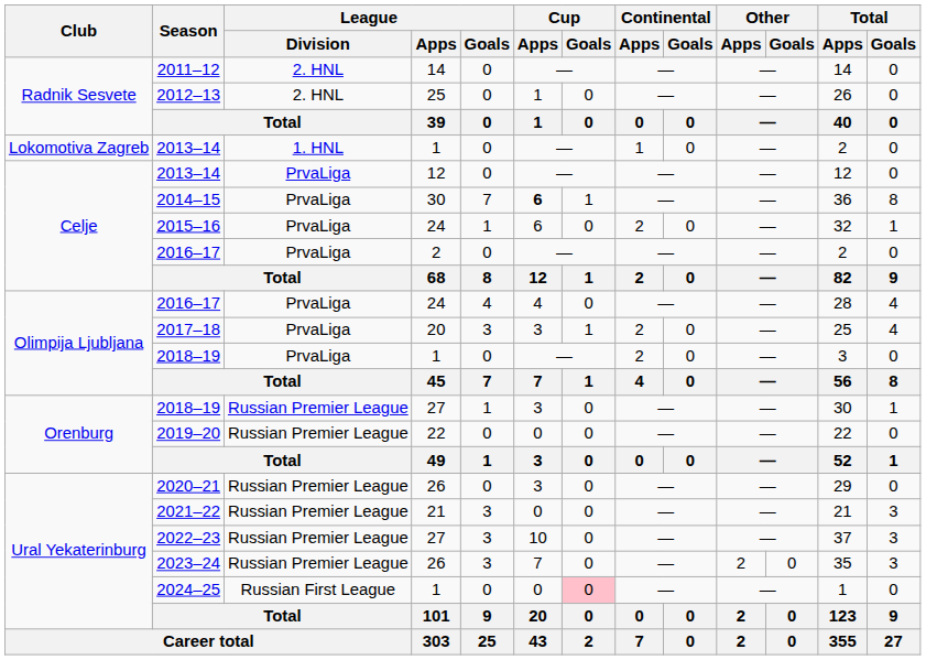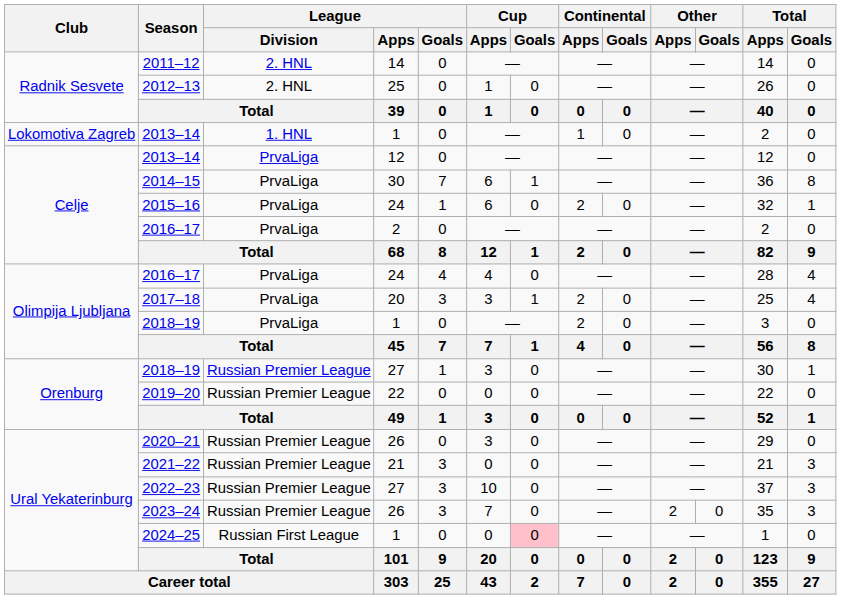 <table class="wikitable" style="text-align: center;">
 <tr>
 <th rowspan=2>Club</th>
 <th rowspan=2>Season</th>
 <th colspan=3>League</th>
 <th colspan=2>Cup</th>
 <th colspan=2>Continental</th>
 <th colspan=2>Other</th>
 <th colspan=2>Total</th>
 </tr>
 <tr>
 <th>Division</th>
 <th>Apps</th>
 <th>Goals</th>
 <th>Apps</th>
 <th>Goals</th>
 <th>Apps</th>
 <th>Goals</th>
 <th>Apps</th>
 <th>Goals</th>
 <th>Apps</th>
 <th>Goals</th>
 </tr>
 <tr>
 <td rowspan="3"><a href='#'>Radnik Sesvete</a></td>
 <td><a href='#'>2011–12</a></td>
 <td><a href='#'>2. HNL</a></td>
 <td>14</td>
 <td>0</td>
 <td colspan="2">—</td>
 <td colspan="2">—</td>
 <td colspan="2">—</td>
 <td>14</td>
 <td>0</td>
 </tr>
 <tr>
 <td><a href='#'>2012–13</a></td>
 <td>2. HNL</td>
 <td>25</td>
 <td>0</td>
 <td>1</td>
 <td>0</td>
 <td colspan="2">—</td>
 <td colspan="2">—</td>
 <td>26</td>
 <td>0</td>
 </tr>
 <tr>
 <th colspan=2>Total</th>
 <th>39</th>
 <th>0</th>
 <th>1</th>
 <th>0</th>
 <th>0</th>
 <th>0</th>
 <th colspan=2>—</th>
 <th>40</th>
 <th>0</th>
 </tr>
 <tr>
 <td><a href='#'>Lokomotiva Zagreb</a></td>
 <td><a href='#'>2013–14</a></td>
 <td><a href='#'>1. HNL</a></td>
 <td>1</td>
 <td>0</td>
 <td colspan="2">—</td>
 <td>1</td>
 <td>0</td>
 <td colspan=2>—</td>
 <td>2</td>
 <td>0</td>
 </tr>
 <tr>
 <td rowspan="5"><a href='#'>Celje</a></td>
 <td><a href='#'>2013–14</a></td>
 <td><a href='#'>PrvaLiga</a></td>
 <td>12</td>
 <td>0</td>
 <td colspan="2">—</td>
 <td colspan="2">—</td>
 <td colspan="2">—</td>
 <td>12</td>
 <td>0</td>
 </tr>
 <tr>
 <td><a href='#'>2014–15</a></td>
 <td>PrvaLiga</td>
 <td>30</td>
 <td>7</td>
-<td><strong>6</strong></td>
+<td>6</td>
 <td>1</td>
 <td colspan="2">—</td>
 <td colspan="2">—</td>
 <td>36</td>
 <td>8</td>
 </tr>
 <tr>
 <td><a href='#'>2015–16</a></td>
 <td>PrvaLiga</td>
 <td>24</td>
 <td>1</td>
 <td>6</td>
 <td>0</td>
 <td>2</td>
 <td>0</td>
 <td colspan="2">—</td>
 <td>32</td>
 <td>1</td>
 </tr>
 <tr>
 <td><a href='#'>2016–17</a></td>
 <td>PrvaLiga</td>
 <td>2</td>
 <td>0</td>
 <td colspan="2">—</td>
 <td colspan="2">—</td>
 <td colspan="2">—</td>
 <td>2</td>
 <td>0</td>
 </tr>
 <tr>
 <th colspan=2>Total</th>
 <th>68</th>
 <th>8</th>
 <th>12</th>
 <th>1</th>
 <th>2</th>
 <th>0</th>
 <th colspan=2>—</th>
 <th>82</th>
 <th>9</th>
 </tr>
 <tr>
 <td rowspan="4"><a href='#'>Olimpija Ljubljana</a></td>
 <td><a href='#'>2016–17</a></td>
 <td>PrvaLiga</td>
 <td>24</td>
 <td>4</td>
 <td>4</td>
 <td>0</td>
 <td colspan="2">—</td>
 <td colspan="2">—</td>
 <td>28</td>
 <td>4</td>
 </tr>
 <tr>
 <td><a href='#'>2017–18</a></td>
 <td>PrvaLiga</td>
 <td>20</td>
 <td>3</td>
 <td>3</td>
 <td>1</td>
 <td>2</td>
 <td>0</td>
 <td colspan="2">—</td>
 <td>25</td>
 <td>4</td>
 </tr>
 <tr>
 <td><a href='#'>2018–19</a></td>
 <td>PrvaLiga</td>
 <td>1</td>
 <td>0</td>
 <td colspan="2">—</td>
 <td>2</td>
 <td>0</td>
 <td colspan="2">—</td>
 <td>3</td>
 <td>0</td>
 </tr>
 <tr>
 <th colspan=2>Total</th>
 <th>45</th>
 <th>7</th>
 <th>7</th>
 <th>1</th>
 <th>4</th>
 <th>0</th>
 <th colspan=2>—</th>
 <th>56</th>
 <th>8</th>
 </tr>
 <tr>
 <td rowspan="3"><a href='#'>Orenburg</a></td>
 <td><a href='#'>2018–19</a></td>
 <td><a href='#'>Russian Premier League</a></td>
 <td>27</td>
 <td>1</td>
 <td>3</td>
 <td>0</td>
 <td colspan="2">—</td>
 <td colspan="2">—</td>
 <td>30</td>
 <td>1</td>
 </tr>
 <tr>
 <td><a href='#'>2019–20</a></td>
 <td>Russian Premier League</td>
 <td>22</td>
 <td>0</td>
 <td>0</td>
 <td>0</td>
 <td colspan="2">—</td>
 <td colspan="2">—</td>
 <td>22</td>
 <td>0</td>
 </tr>
 <tr>
 <th colspan=2>Total</th>
 <th>49</th>
 <th>1</th>
 <th>3</th>
 <th>0</th>
 <th>0</th>
 <th>0</th>
 <th colspan="2">—</th>
 <th>52</th>
 <th>1</th>
 </tr>
 <tr>
 <td rowspan="6"><a href='#'>Ural Yekaterinburg</a></td>
 <td><a href='#'>2020–21</a></td>
 <td>Russian Premier League</td>
 <td>26</td>
 <td>0</td>
 <td>3</td>
 <td>0</td>
 <td colspan="2">—</td>
 <td colspan="2">—</td>
 <td>29</td>
 <td>0</td>
 </tr>
 <tr>
 <td><a href='#'>2021–22</a></td>
 <td>Russian Premier League</td>
 <td>21</td>
 <td>3</td>
 <td>0</td>
 <td>0</td>
 <td colspan="2">—</td>
 <td colspan="2">—</td>
 <td>21</td>
 <td>3</td>
 </tr>
 <tr>
 <td><a href='#'>2022–23</a></td>
 <td>Russian Premier League</td>
 <td>27</td>
 <td>3</td>
 <td>10</td>
 <td>0</td>
 <td colspan="2">—</td>
 <td colspan="2">—</td>
 <td>37</td>
 <td>3</td>
 </tr>
 <tr>
 <td><a href='#'>2023–24</a></td>
 <td>Russian Premier League</td>
 <td>26</td>
 <td>3</td>
 <td>7</td>
 <td>0</td>
 <td colspan="2">—</td>
 <td>2</td>
 <td>0</td>
 <td>35</td>
 <td>3</td>
 </tr>
 <tr>
 <td><a href='#'>2024–25</a></td>
 <td>Russian First League</td>
 <td>1</td>
 <td>0</td>
 <td>0</td>
 <td style="background: pink;">0</td>
 <td colspan="2">—</td>
 <td colspan="2">—</td>
 <td>1</td>
 <td>0</td>
 </tr>
 <tr>
 <th colspan="2">Total</th>
 <th>101</th>
 <th>9</th>
 <th>20</th>
 <th>0</th>
 <th>0</th>
 <th>0</th>
 <th>2</th>
 <th>0</th>
 <th>123</th>
 <th>9</th>
 </tr>
 <tr>
 <th colspan="3">Career total</th>
 <th>303</th>
 <th>25</th>
 <th>43</th>
 <th>2</th>
 <th>7</th>
 <th>0</th>
 <th>2</th>
 <th>0</th>
 <th>355</th>
 <th>27</th>
 </tr>
 </table>
